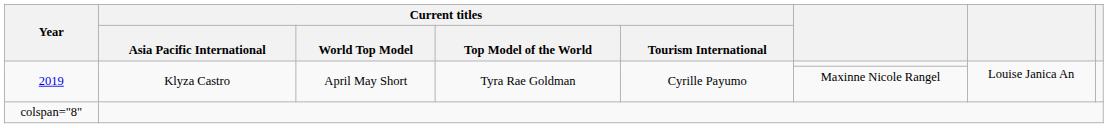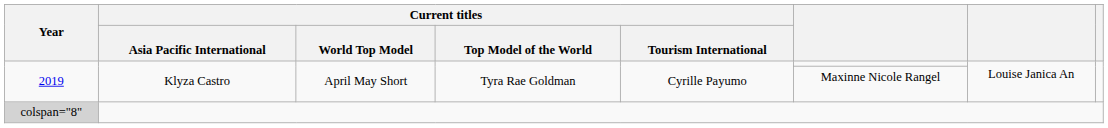 <table class="wikitable" style="text-align:center; font-size:90%; line-height:17px; width:100%;">
 <tr>
 <th rowspan="2">Year</th>
 <th colspan="4">Current titles</th>
 <th rowspan="2"></th>
 <th rowspan="2"></th>
 <th rowspan="2"></th>
 </tr>
 <tr>
 <th><br>Asia Pacific International</th>
 <th><br>World Top Model</th>
 <th><br>Top Model of the World</th>
 <th><br>Tourism International</th>
 </tr>
 <tr>
 <td rowspan="2"><a href='#'>2019</a></td>
 <td rowspan="2">Klyza Castro<br></td>
 <td rowspan="2">April May Short<br></td>
 <td rowspan="2">Tyra Rae Goldman<br></td>
 <td rowspan="2">Cyrille Payumo<br></td>
 <td></td>
 <td rowspan="2">Louise Janica An<br><br></td>
 <td rowspan="2"></td>
 </tr>
 <tr>
 <td>Maxinne Nicole Rangel<br><br></td>
 </tr>
 <tr>
-<td>colspan="8" </td>
+<td style="background: lightgrey;">colspan="8" </td>
 </tr>
 </table>
